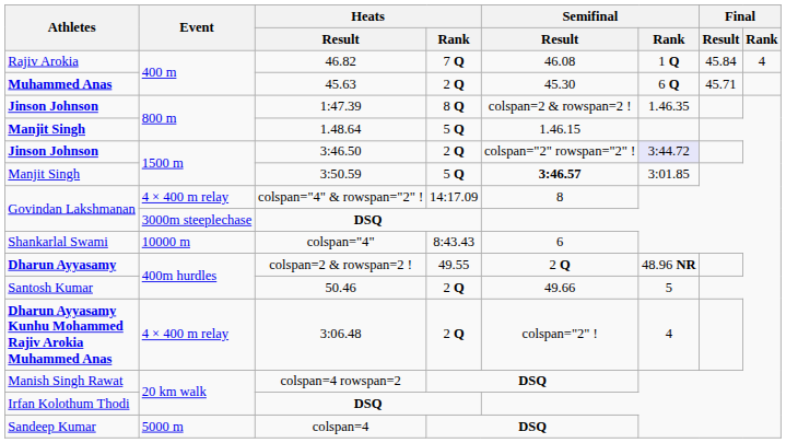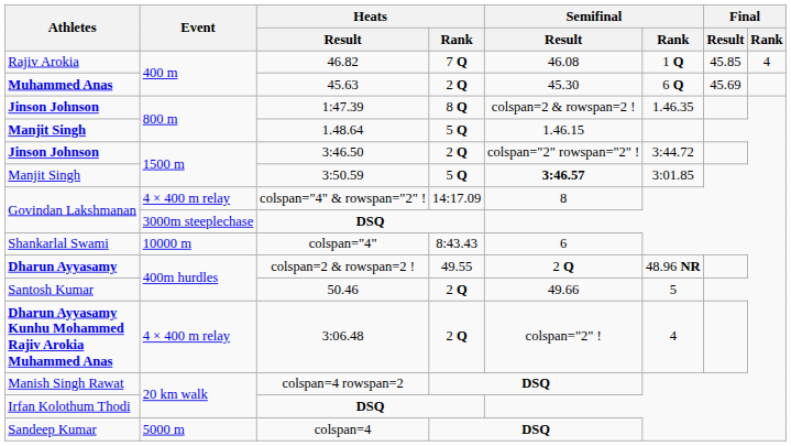 <table class=wikitable style="text-align:center; font-size:90%">
 <tr>
 <th rowspan=2>Athletes</th>
 <th rowspan=2>Event</th>
 <th colspan=2>Heats</th>
 <th colspan=2>Semifinal</th>
 <th colspan=2>Final</th>
 </tr>
 <tr>
 <th>Result</th>
 <th>Rank</th>
 <th>Result</th>
 <th>Rank</th>
 <th>Result</th>
 <th>Rank</th>
 </tr>
 <tr>
 <td align=left><a href='#'>Rajiv Arokia</a></td>
 <td align=left rowspan=2><a href='#'>400 m</a></td>
 <td>46.82</td>
 <td>7 <strong>Q</strong></td>
 <td>46.08</td>
 <td>1 <strong>Q</strong></td>
-<td>45.84</td>
+<td>45.85</td>
 <td>4</td>
 </tr>
 <tr>
 <td align=left><strong><a href='#'>Muhammed Anas</a></strong></td>
 <td>45.63</td>
 <td>2 <strong>Q</strong></td>
 <td>45.30</td>
 <td>6 <strong>Q</strong></td>
-<td>45.71</td>
+<td>45.69</td>
 <td></td>
 </tr>
 <tr>
 <td align=left><strong><a href='#'>Jinson Johnson</a></strong></td>
 <td align=left rowspan=2><a href='#'>800 m</a></td>
 <td>1:47.39</td>
 <td>8 <strong>Q</strong></td>
 <td>colspan=2 & rowspan=2 !</td>
 <td>1.46.35</td>
 <td></td>
 </tr>
 <tr>
 <td align=left><strong><a href='#'>Manjit Singh</a></strong></td>
 <td>1.48.64</td>
 <td>5 <strong>Q</strong></td>
 <td>1.46.15</td>
 <td></td>
 </tr>
 <tr>
 <td align=left><strong><a href='#'>Jinson Johnson</a></strong></td>
 <td align=left rowspan=2><a href='#'>1500 m</a></td>
 <td>3:46.50</td>
 <td>2 <strong>Q</strong></td>
 <td>colspan="2" rowspan="2" !</td>
-<td style="background: lavender;">3:44.72</td>
+<td>3:44.72</td>
 <td></td>
 </tr>
 <tr>
 <td align=left><a href='#'>Manjit Singh</a></td>
 <td>3:50.59</td>
 <td>5 <strong>Q</strong></td>
 <td><strong>3:46.57</strong></td>
 <td>3:01.85</td>
 </tr>
 <tr>
 <td align=left rowspan="2"><a href='#'>Govindan Lakshmanan</a></td>
 <td align=left><a href='#'>4 × 400 m relay</a></td>
 <td>colspan="4" & rowspan="2" !</td>
 <td>14:17.09</td>
 <td>8</td>
 </tr>
 <tr>
 <td align=left><a href='#'>3000m steeplechase</a></td>
 <td colspan="2"><strong>DSQ</strong></td>
 </tr>
 <tr>
 <td align=left><a href='#'>Shankarlal Swami</a></td>
 <td align=left><a href='#'>10000 m</a></td>
 <td>colspan="4" </td>
 <td>8:43.43</td>
 <td>6</td>
 </tr>
 <tr>
 <td align=left><strong><a href='#'>Dharun Ayyasamy</a></strong></td>
 <td align=left rowspan="2"><a href='#'>400m hurdles</a></td>
 <td>colspan=2 & rowspan=2 !</td>
 <td>49.55</td>
 <td>2 <strong>Q</strong></td>
 <td>48.96 <strong>NR</strong></td>
 <td></td>
 </tr>
 <tr>
 <td align=left><a href='#'>Santosh Kumar</a></td>
 <td>50.46</td>
 <td>2 <strong>Q</strong></td>
 <td>49.66</td>
 <td>5</td>
 </tr>
 <tr>
 <td align=left><strong><a href='#'>Dharun Ayyasamy</a><br><a href='#'>Kunhu Mohammed</a><br><a href='#'>Rajiv Arokia</a><br><a href='#'>Muhammed Anas</a></strong></td>
 <td align=left><a href='#'>4 × 400 m relay</a></td>
 <td>3:06.48</td>
 <td>2 <strong>Q</strong></td>
 <td>colspan="2" !</td>
 <td>4</td>
 <td></td>
 </tr>
 <tr>
 <td align=left><a href='#'>Manish Singh Rawat</a></td>
 <td align=left rowspan=2><a href='#'>20 km walk</a></td>
 <td>colspan=4 rowspan=2 </td>
 <td colspan=2><strong>DSQ</strong></td>
 </tr>
 <tr>
 <td align=left><a href='#'>Irfan Kolothum Thodi</a></td>
 <td colspan=2><strong>DSQ</strong></td>
 </tr>
 <tr>
 <td align=left><a href='#'>Sandeep Kumar</a></td>
 <td align=left><a href='#'>5000 m</a></td>
 <td>colspan=4 </td>
 <td colspan=2><strong>DSQ</strong></td>
 </tr>
 </table>
